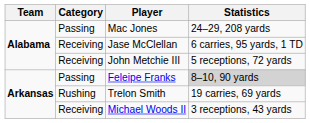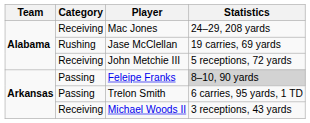 <table class="wikitable" style="float: right;">
 <tr>
 <th>Team</th>
 <th>Category</th>
 <th>Player</th>
 <th>Statistics</th>
 </tr>
 <tr>
 <td rowspan=3><strong>Alabama</strong></td>
-<td>Passing</td>
+<td>Receiving</td>
 <td>Mac Jones</td>
 <td>24–29, 208 yards</td>
 </tr>
 <tr>
-<td>Receiving</td>
+<td>Rushing</td>
 <td>Jase McClellan</td>
-<td>6 carries, 95 yards, 1 TD</td>
+<td>19 carries, 69 yards</td>
 </tr>
 <tr>
 <td>Receiving</td>
 <td>John Metchie III</td>
 <td>5 receptions, 72 yards</td>
 </tr>
 <tr>
 <td rowspan=3><strong>Arkansas</strong></td>
 <td>Passing</td>
 <td><a href='#'>Feleipe Franks</a></td>
 <td style="background: lightgrey;">8–10, 90 yards</td>
 </tr>
 <tr>
-<td>Rushing</td>
+<td>Passing</td>
 <td>Trelon Smith</td>
-<td>19 carries, 69 yards</td>
+<td>6 carries, 95 yards, 1 TD</td>
 </tr>
 <tr>
 <td>Receiving</td>
 <td><a href='#'>Michael Woods II</a></td>
 <td>3 receptions, 43 yards</td>
 </tr>
 </table>
